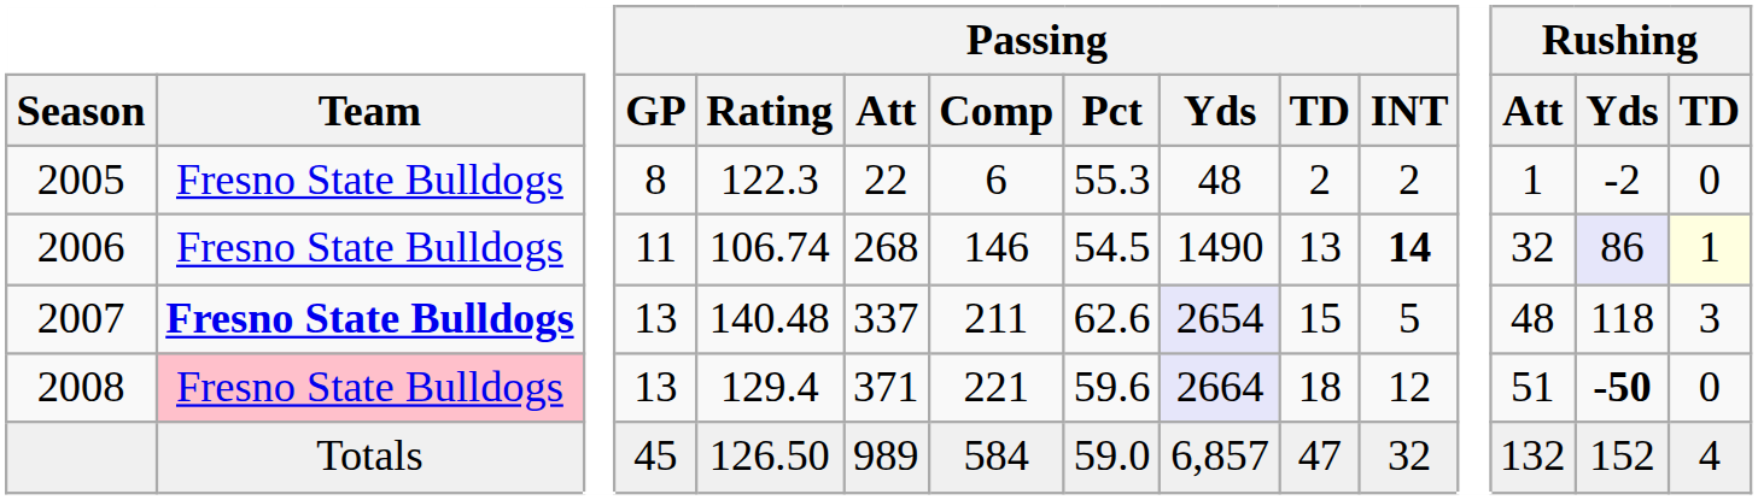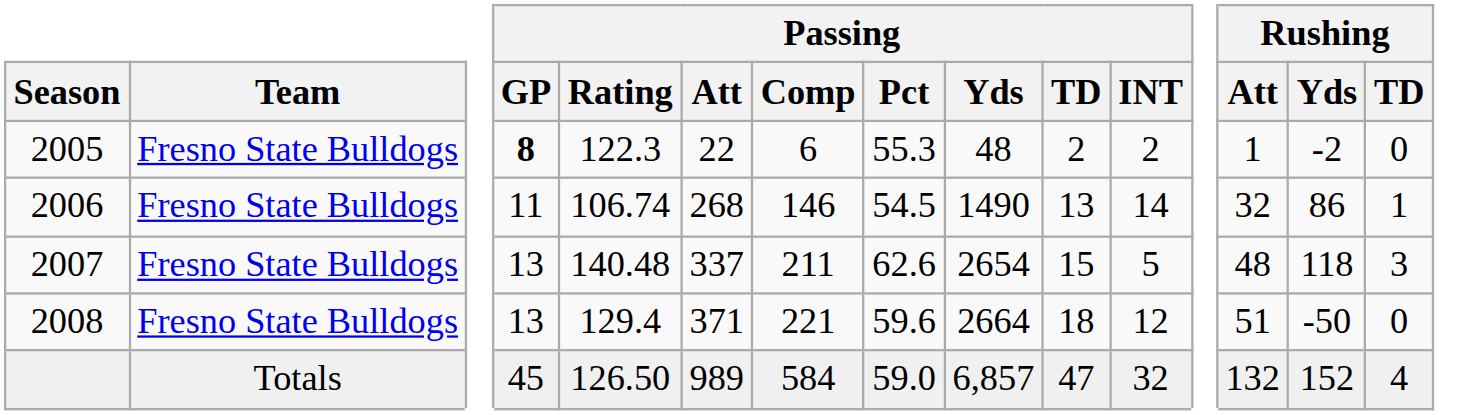 <table class="wikitable" style="text-align:center">
 <tr>
 <th colspan=2 style="background:#fff; border-color:#fff #fff #aaa #fff"> </th>
 <th rowspan=99 style="background:#fff; border-color:#fff #aaa"> </th>
 <th colspan=8>Passing</th>
 <th rowspan=99 style="background:#fff; border-color:#fff #aaa"> </th>
 <th colspan=3>Rushing</th>
 </tr>
 <tr>
 <th>Season</th>
 <th>Team</th>
 <th>GP</th>
 <th>Rating</th>
 <th>Att</th>
 <th>Comp</th>
 <th>Pct</th>
 <th>Yds</th>
 <th>TD</th>
 <th>INT</th>
 <th>Att</th>
 <th>Yds</th>
 <th>TD</th>
 </tr>
 <tr>
 <td>2005</td>
 <td><a href='#'>Fresno State Bulldogs</a></td>
-<td>8</td>
+<td><strong>8</strong></td>
 <td>122.3</td>
 <td>22</td>
 <td>6</td>
 <td>55.3</td>
 <td>48</td>
 <td>2</td>
 <td>2</td>
 <td>1</td>
 <td>-2</td>
 <td>0</td>
 </tr>
 <tr>
 <td>2006</td>
 <td><a href='#'>Fresno State Bulldogs</a></td>
 <td>11</td>
 <td>106.74</td>
 <td>268</td>
 <td>146</td>
 <td>54.5</td>
 <td>1490</td>
 <td>13</td>
-<td><strong>14</strong></td>
+<td>14</td>
 <td>32</td>
-<td style="background: lavender;">86</td>
-<td style="background: lightyellow;">1</td>
+<td>86</td>
+<td>1</td>
 </tr>
 <tr>
 <td>2007</td>
-<td><strong><a href='#'>Fresno State Bulldogs</a></strong></td>
+<td><a href='#'>Fresno State Bulldogs</a></td>
 <td>13</td>
 <td>140.48</td>
 <td>337</td>
 <td>211</td>
 <td>62.6</td>
-<td style="background: lavender;">2654</td>
+<td>2654</td>
 <td>15</td>
 <td>5</td>
 <td>48</td>
 <td>118</td>
 <td>3</td>
 </tr>
 <tr>
 <td>2008</td>
-<td style="background: pink;"><a href='#'>Fresno State Bulldogs</a></td>
+<td><a href='#'>Fresno State Bulldogs</a></td>
 <td>13</td>
 <td>129.4</td>
 <td>371</td>
 <td>221</td>
 <td>59.6</td>
-<td style="background: lavender;">2664</td>
+<td>2664</td>
 <td>18</td>
 <td>12</td>
 <td>51</td>
-<td><strong>-50</strong></td>
+<td>-50</td>
 <td>0</td>
 </tr>
 <tr bgcolor="#F0F0F0">
 <td></td>
 <td>Totals</td>
 <td>45</td>
 <td>126.50</td>
 <td>989</td>
 <td>584</td>
 <td>59.0</td>
 <td>6,857</td>
 <td>47</td>
 <td>32</td>
 <td>132</td>
 <td>152</td>
 <td>4</td>
 </tr>
 </table>
